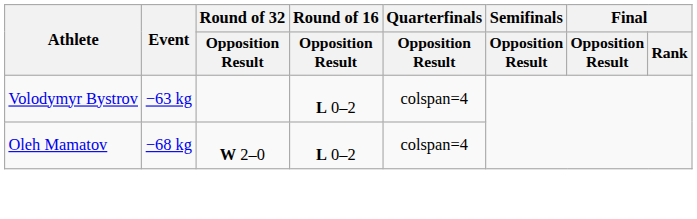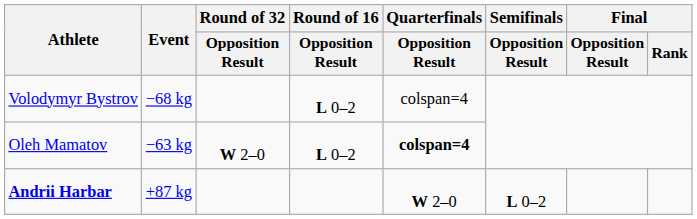 <table class="wikitable" style="font-size:90%">
 <tr>
 <th rowspan="2">Athlete</th>
 <th rowspan="2">Event</th>
 <th>Round of 32</th>
 <th>Round of 16</th>
 <th>Quarterfinals</th>
 <th>Semifinals</th>
 <th colspan=2>Final</th>
 </tr>
 <tr style="font-size:95%">
 <th>Opposition<br>Result</th>
 <th>Opposition<br>Result</th>
 <th>Opposition<br>Result</th>
 <th>Opposition<br>Result</th>
 <th>Opposition<br>Result</th>
 <th>Rank</th>
 </tr>
 <tr align=center>
 <td align=left><a href='#'>Volodymyr Bystrov</a></td>
-<td align=left><a href='#'>−63 kg</a></td>
+<td align=left><a href='#'>−68 kg</a></td>
 <td></td>
 <td><br><strong>L</strong> 0–2</td>
 <td>colspan=4 </td>
 </tr>
 <tr align=center>
 <td align=left><a href='#'>Oleh Mamatov</a></td>
-<td align=left><a href='#'>−68 kg</a></td>
+<td align=left><a href='#'>−63 kg</a></td>
 <td><br><strong>W</strong> 2–0</td>
 <td><br><strong>L</strong> 0–2</td>
-<td>colspan=4 </td>
+<td><strong>colspan=4 </strong></td>
+</tr>
+<tr align=center>
+<td align=left><strong><a href='#'>Andrii Harbar</a></strong></td>
+<td align=left><a href='#'>+87 kg</a></td>
+<td></td>
+<td></td>
+<td><br><strong>W</strong> 2–0</td>
+<td><br><strong>L</strong> 0–2</td>
+<td></td>
+<td></td>
 </tr>
 </table>
